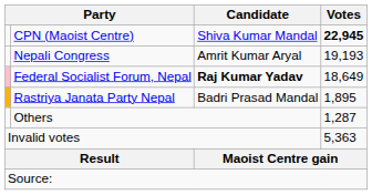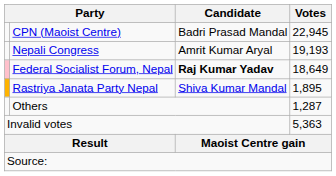 <table class="wikitable">
 <tr>
 <th colspan="2">Party</th>
 <th>Candidate</th>
 <th>Votes</th>
 </tr>
 <tr>
 <td style="background-color:"></td>
 <td><a href='#'>CPN (Maoist Centre)</a></td>
-<td><a href='#'>Shiva Kumar Mandal</a></td>
-<td><strong>22,945</strong></td>
+<td>Badri Prasad Mandal</td>
+<td>22,945</td>
 </tr>
 <tr>
 <td style="background-color:"></td>
 <td><a href='#'>Nepali Congress</a></td>
 <td>Amrit Kumar Aryal</td>
 <td>19,193</td>
 </tr>
 <tr>
 <td style="background-color:pink"></td>
 <td><a href='#'>Federal Socialist Forum, Nepal</a></td>
 <td><strong>Raj Kumar Yadav</strong></td>
 <td>18,649</td>
 </tr>
 <tr>
 <td style="background-color:#ffb300"></td>
 <td><a href='#'>Rastriya Janata Party Nepal</a></td>
-<td>Badri Prasad Mandal</td>
+<td><a href='#'>Shiva Kumar Mandal</a></td>
 <td>1,895</td>
 </tr>
 <tr>
 <td></td>
 <td colspan="2">Others</td>
 <td>1,287</td>
 </tr>
 <tr>
 <td colspan="3">Invalid votes</td>
 <td>5,363</td>
 </tr>
 <tr>
 <th colspan="2">Result</th>
 <th colspan="2">Maoist Centre gain</th>
 </tr>
 <tr>
 <td colspan="4">Source: </td>
 </tr>
 </table>
